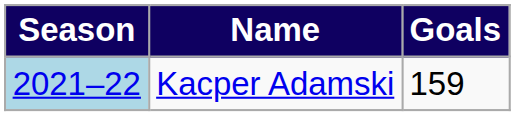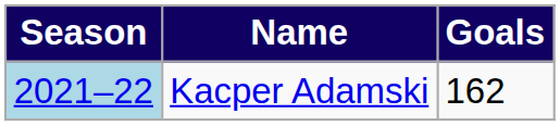 <table class="wikitable">
 <tr>
 <th style="color:#FFFFFF; background:#0F0061">Season</th>
 <th style="color:#FFFFFF; background:#0F0061">Name</th>
 <th style="color:#FFFFFF; background:#0F0061">Goals</th>
 </tr>
 <tr>
 <td style="background: lightblue;"><a href='#'>2021–22</a></td>
 <td> <a href='#'>Kacper Adamski</a></td>
-<td>159</td>
+<td>162</td>
 </tr>
 </table>
